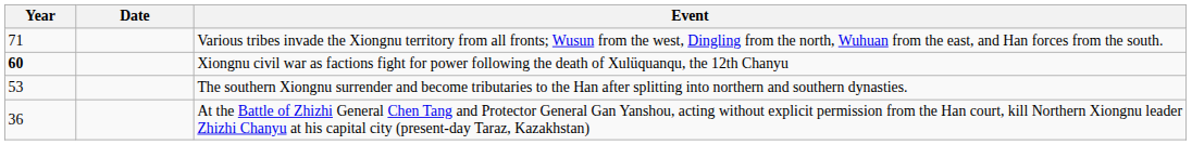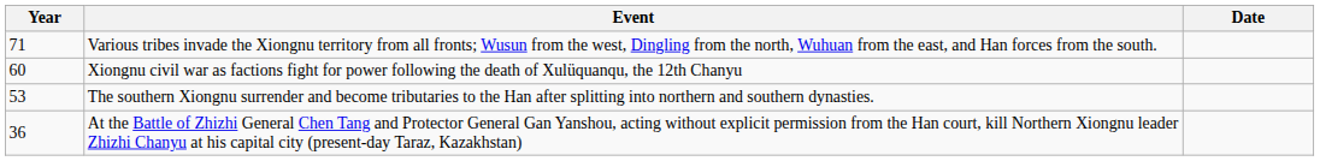 <table class="wikitable" width="100%">
 <tr>
 <th style="width:6%">Year</th>
+<th>Event</th>
 <th style="width:10%">Date</th>
-<th>Event</th>
 </tr>
 <tr>
 <td>71</td>
+<td>Various tribes invade the Xiongnu territory from all fronts; <a href='#'>Wusun</a> from the west, <a href='#'>Dingling</a> from the north, <a href='#'>Wuhuan</a> from the east, and Han forces from the south.</td>
 <td></td>
-<td>Various tribes invade the Xiongnu territory from all fronts; <a href='#'>Wusun</a> from the west, <a href='#'>Dingling</a> from the north, <a href='#'>Wuhuan</a> from the east, and Han forces from the south.</td>
 </tr>
 <tr>
-<td><strong>60</strong></td>
+<td>60</td>
+<td>Xiongnu civil war as factions fight for power following the death of Xulüquanqu, the 12th Chanyu</td>
 <td></td>
-<td>Xiongnu civil war as factions fight for power following the death of Xulüquanqu, the 12th Chanyu</td>
 </tr>
 <tr>
 <td>53</td>
+<td>The southern Xiongnu surrender and become tributaries to the Han after splitting into northern and southern dynasties.</td>
 <td></td>
-<td>The southern Xiongnu surrender and become tributaries to the Han after splitting into northern and southern dynasties.</td>
 </tr>
 <tr>
 <td>36</td>
+<td>At the <a href='#'>Battle of Zhizhi</a> General <a href='#'>Chen Tang</a> and Protector General Gan Yanshou, acting without explicit permission from the Han court, kill Northern Xiongnu leader <a href='#'>Zhizhi Chanyu</a> at his capital city (present-day Taraz, Kazakhstan)</td>
 <td></td>
-<td>At the <a href='#'>Battle of Zhizhi</a> General <a href='#'>Chen Tang</a> and Protector General Gan Yanshou, acting without explicit permission from the Han court, kill Northern Xiongnu leader <a href='#'>Zhizhi Chanyu</a> at his capital city (present-day Taraz, Kazakhstan)</td>
 </tr>
 </table>
